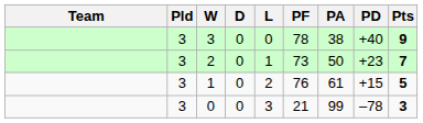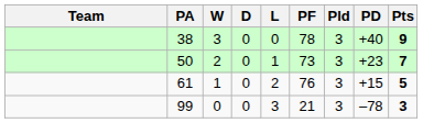 <table class="wikitable" style="text-align:center;">
 <tr>
 <th width=175>Team</th>
-<th width=25 abbr="Played">Pld</th>
+<th width=32 abbr="Points against">PA</th>
 <th width=25 abbr="Won">W</th>
 <th width=25 abbr="Drawn">D</th>
 <th width=25 abbr="Lost">L</th>
 <th width=32 abbr="Points for">PF</th>
-<th width=32 abbr="Points against">PA</th>
+<th width=25 abbr="Played">Pld</th>
 <th width=32 abbr="Points difference">PD</th>
 <th width=25 abbr="Points">Pts</th>
 </tr>
 <tr bgcolor=ccffcc>
 <td align=left></td>
-<td>3</td>
+<td>38</td>
 <td>3</td>
 <td>0</td>
 <td>0</td>
 <td>78</td>
-<td>38</td>
+<td>3</td>
 <td>+40</td>
 <td><strong>9</strong></td>
 </tr>
 <tr bgcolor=ccffcc>
 <td align=left></td>
-<td>3</td>
+<td>50</td>
 <td>2</td>
 <td>0</td>
 <td>1</td>
 <td>73</td>
-<td>50</td>
+<td>3</td>
 <td>+23</td>
 <td><strong>7</strong></td>
 </tr>
 <tr>
 <td align=left></td>
-<td>3</td>
+<td>61</td>
 <td>1</td>
 <td>0</td>
 <td>2</td>
 <td>76</td>
-<td>61</td>
+<td>3</td>
 <td>+15</td>
 <td><strong>5</strong></td>
 </tr>
 <tr>
 <td align=left></td>
-<td>3</td>
+<td>99</td>
 <td>0</td>
 <td>0</td>
 <td>3</td>
 <td>21</td>
-<td>99</td>
+<td>3</td>
 <td>–78</td>
 <td><strong>3</strong></td>
 </tr>
 </table>
